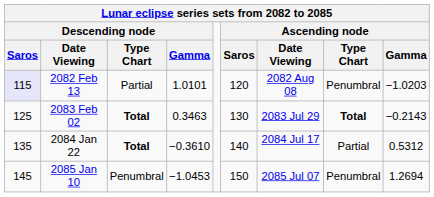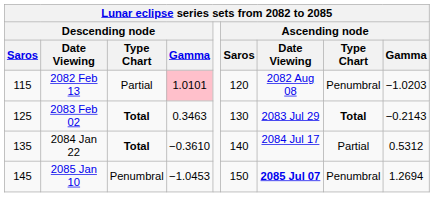 <table class="wikitable mw-collapsible mw-collapsed">
 <tr>
 <th class="nowrap" colspan="9"><a href='#'>Lunar eclipse</a> series sets from 2082 to 2085</th>
 </tr>
 <tr>
 <th scope="col" colspan="4">Descending node</th>
 <td rowspan="11"> </td>
 <th scope="col" colspan="4">Ascending node</th>
 </tr>
 <tr style="text-align: center;">
 <th scope="col"><a href='#'>Saros</a></th>
 <th scope="col">Date<br>Viewing</th>
 <th scope="col">Type<br>Chart</th>
 <th scope="col"><a href='#'>Gamma</a></th>
 <th scope="col">Saros</th>
 <th scope="col">Date<br>Viewing</th>
 <th scope="col">Type<br>Chart</th>
 <th scope="col">Gamma</th>
 </tr>
 <tr style="text-align: center;">
-<td style="background: lavender;">115</td>
+<td>115</td>
 <td><a href='#'>2082 Feb 13</a><br></td>
 <td style="text-align:center;">Partial<br></td>
-<td>1.0101</td>
+<td style="background: pink;">1.0101</td>
 <td>120</td>
 <td><a href='#'>2082 Aug 08</a><br></td>
 <td style="text-align:center;">Penumbral<br></td>
 <td>−1.0203</td>
 </tr>
 <tr style="text-align: center;">
 <td>125</td>
 <td style="text-align:center;vertical-align:top;"><a href='#'>2083 Feb 02</a><br></td>
 <td style="text-align:center;"><strong>Total</strong><br></td>
 <td>0.3463</td>
 <td>130</td>
 <td><a href='#'>2083 Jul 29</a><br></td>
 <td style="text-align:center;"><strong>Total</strong><br></td>
 <td>−0.2143</td>
 </tr>
 <tr style="text-align: center;">
 <td>135</td>
 <td>2084 Jan 22<br></td>
 <td style="text-align:center;"><strong>Total</strong><br></td>
 <td>−0.3610</td>
 <td>140</td>
 <td style="text-align:center;vertical-align:top;"><a href='#'>2084 Jul 17</a><br></td>
 <td style="text-align:center;">Partial<br></td>
 <td>0.5312</td>
 </tr>
 <tr style="text-align: center;">
 <td>145</td>
 <td><a href='#'>2085 Jan 10</a><br></td>
 <td style="text-align:center;">Penumbral<br></td>
 <td>−1.0453</td>
 <td>150</td>
-<td><a href='#'>2085 Jul 07</a><br></td>
+<td><strong><a href='#'>2085 Jul 07</a><br></strong></td>
 <td style="text-align:center;">Penumbral<br></td>
 <td>1.2694</td>
 </tr>
 </table>
